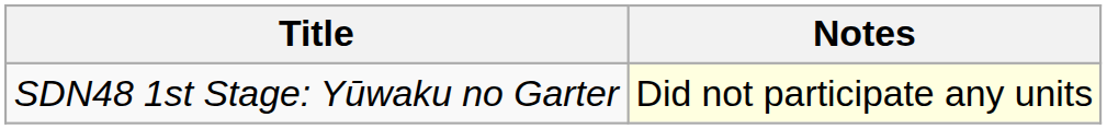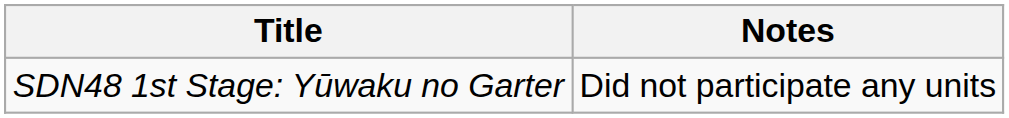 <table class="wikitable">
 <tr>
 <th>Title</th>
 <th>Notes</th>
 </tr>
 <tr>
 <td><em>SDN48 1st Stage: Yūwaku no Garter</em></td>
-<td style="background: lightyellow;">Did not participate any units</td>
+<td>Did not participate any units</td>
 </tr>
 </table>
